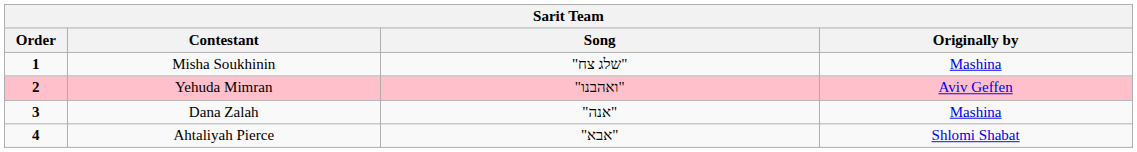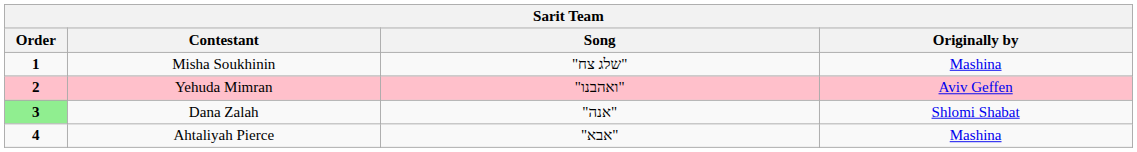 <table class="wikitable" style="text-align: center; width:95%;">
 <tr>
 <th colspan=4>Sarit Team</th>
 </tr>
 <tr>
 <th width="5%">Order</th>
 <th width="25%">Contestant</th>
 <th width="35%">Song</th>
 <th width="25%">Originally by</th>
 </tr>
 <tr>
 <td align="center"><strong>1</strong></td>
 <td>Misha Soukhinin</td>
 <td>"שלג צח"</td>
 <td align="center"><a href='#'>Mashina</a></td>
 </tr>
 <tr>
 <td bgcolor="pink" align="center"><strong>2</strong></td>
 <td bgcolor="pink">Yehuda Mimran</td>
 <td bgcolor="pink">"ואהבנו"</td>
 <td bgcolor="pink" align="center"><a href='#'>Aviv Geffen</a></td>
 </tr>
 <tr>
-<td align="center"><strong>3</strong></td>
+<td align="center" style="background: lightgreen;"><strong>3</strong></td>
 <td>Dana Zalah</td>
 <td>"אנה"</td>
-<td align="center"><a href='#'>Mashina</a></td>
+<td align="center"><a href='#'>Shlomi Shabat</a></td>
 </tr>
 <tr>
 <td align="center"><strong>4</strong></td>
 <td>Ahtaliyah Pierce</td>
 <td>"אבא"</td>
-<td align="center"><a href='#'>Shlomi Shabat</a></td>
+<td align="center"><a href='#'>Mashina</a></td>
 </tr>
 </table>
